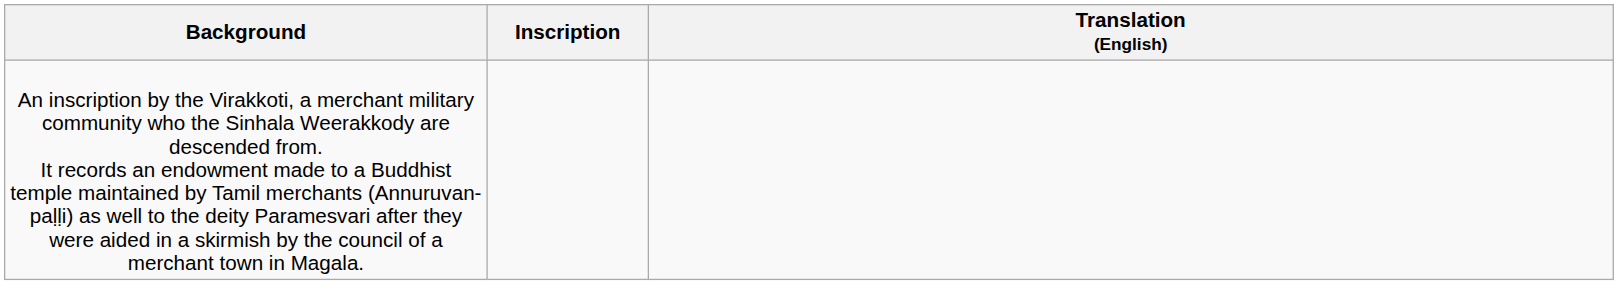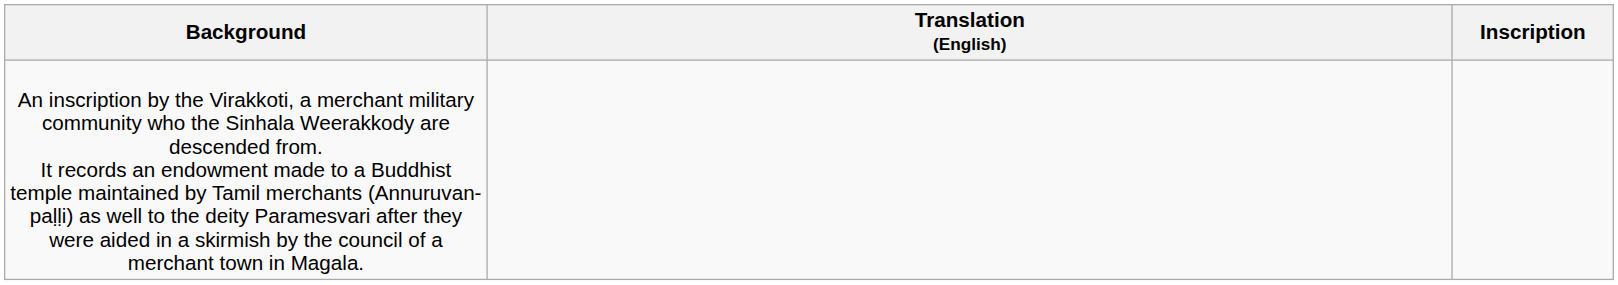 <table class="wikitable centre">
 <tr>
 <th scope="col" align=left>Background<br></th>
+<th>Translation<br><small>(English)</small></th>
 <th>Inscription<br></th>
-<th>Translation<br><small>(English)</small></th>
 </tr>
 <tr>
 <td align=center width="30%"><br>An inscription by the Virakkoti, a merchant military community who the Sinhala Weerakkody are descended from.<br>It records an endowment made to a Buddhist temple maintained by Tamil merchants (Annuruvan-paḷḷi) as well to the deity Paramesvari after they were aided in a skirmish by the council of a merchant town in Magala.</td>
+<td align=left><br></td>
 <td align=center width="10%"><br></td>
-<td align=left><br></td>
 </tr>
 </table>
